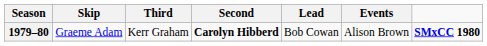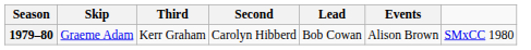 <table class="wikitable">
 <tr>
 <th scope="col" width=60>Season</th>
 <th scope="col">Skip</th>
 <th scope="col">Third</th>
 <th scope="col">Second</th>
 <th scope="col">Lead</th>
 <th scope="col">Events</th>
 </tr>
 <tr>
 <th scope="row">1979–80</th>
 <td><a href='#'>Graeme Adam</a></td>
 <td>Kerr Graham</td>
-<td><strong>Carolyn Hibberd</strong></td>
+<td>Carolyn Hibberd</td>
 <td>Bob Cowan</td>
 <td>Alison Brown</td>
-<td><strong><a href='#'>SMxCC</a> 1980 </strong></td>
+<td><a href='#'>SMxCC</a> 1980 </td>
 </tr>
 </table>
